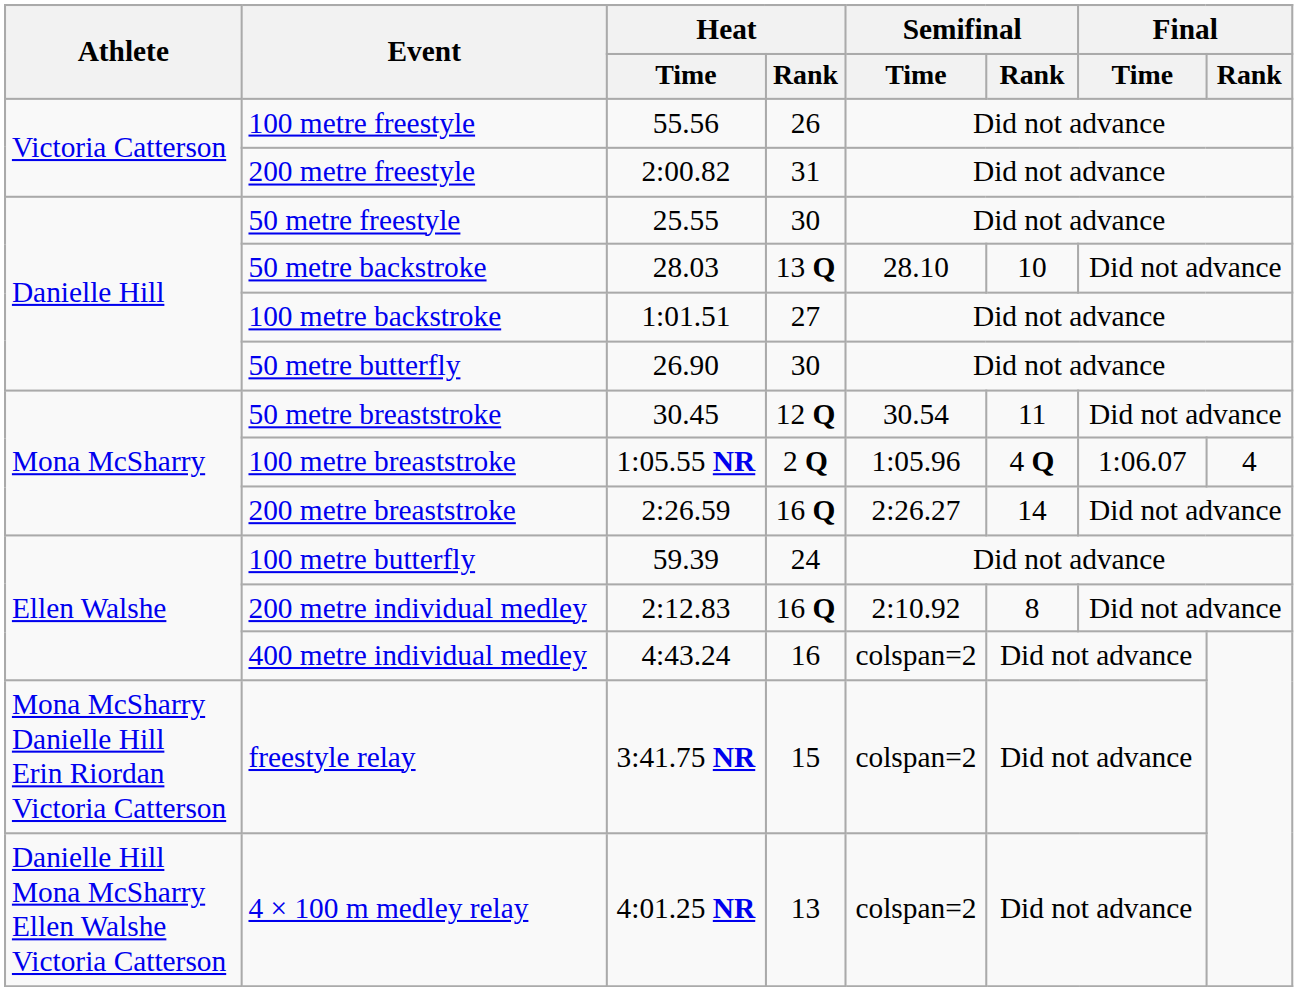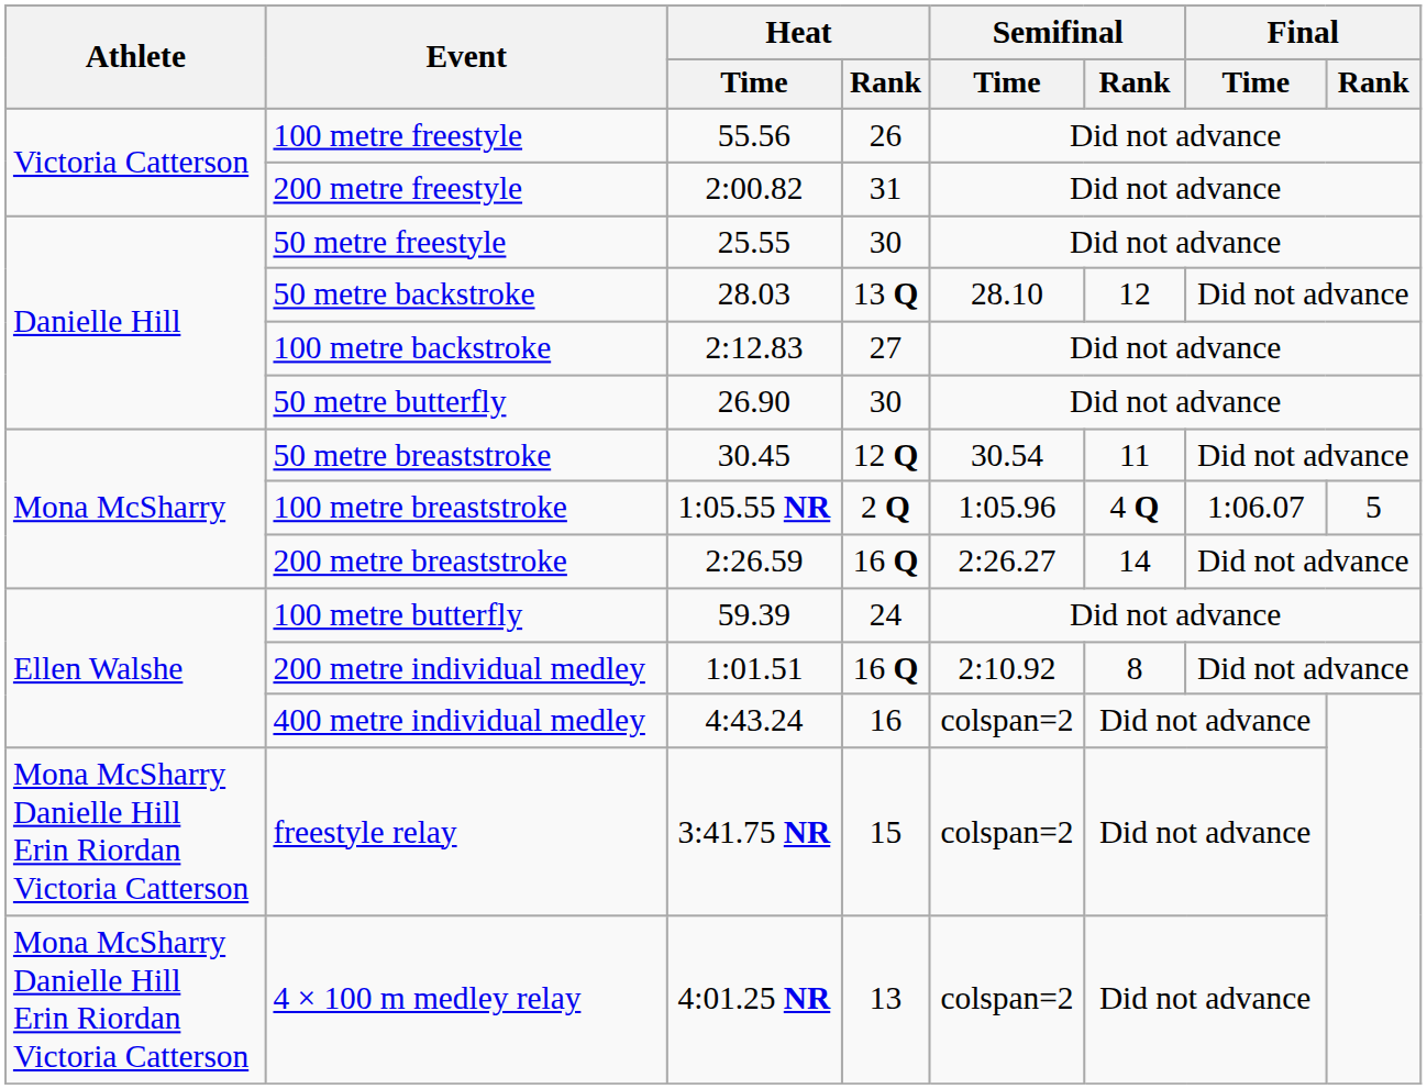 <table class="wikitable" style="text-align:center; font-size:90%; width:50%;">
 <tr>
 <th rowspan="2">Athlete</th>
 <th rowspan="2">Event</th>
 <th colspan="2">Heat</th>
 <th colspan="2">Semifinal</th>
 <th colspan="2">Final</th>
 </tr>
 <tr style="font-size:95%">
 <th>Time</th>
 <th>Rank</th>
 <th>Time</th>
 <th>Rank</th>
 <th>Time</th>
 <th>Rank</th>
 </tr>
 <tr>
 <td align=left rowspan=2><a href='#'>Victoria Catterson</a></td>
 <td align=left><a href='#'>100 metre freestyle</a></td>
 <td>55.56</td>
 <td>26</td>
 <td colspan=4>Did not advance</td>
 </tr>
 <tr>
 <td align=left><a href='#'>200 metre freestyle</a></td>
 <td>2:00.82</td>
 <td>31</td>
 <td colspan=4>Did not advance</td>
 </tr>
 <tr>
 <td align=left rowspan=4><a href='#'>Danielle Hill</a></td>
 <td align=left><a href='#'>50 metre freestyle</a></td>
 <td>25.55</td>
 <td>30</td>
 <td colspan=4>Did not advance</td>
 </tr>
 <tr>
 <td align=left><a href='#'>50 metre backstroke</a></td>
 <td>28.03</td>
 <td>13 <strong>Q</strong></td>
 <td>28.10</td>
-<td>10</td>
+<td>12</td>
 <td colspan=2>Did not advance</td>
 </tr>
 <tr>
 <td align=left><a href='#'>100 metre backstroke</a></td>
-<td>1:01.51</td>
+<td>2:12.83</td>
 <td>27</td>
 <td colspan=4>Did not advance</td>
 </tr>
 <tr>
 <td align=left><a href='#'>50 metre butterfly</a></td>
 <td>26.90</td>
 <td>30</td>
 <td colspan=4>Did not advance</td>
 </tr>
 <tr>
 <td align=left rowspan=3><a href='#'>Mona McSharry</a></td>
 <td align=left><a href='#'>50 metre breaststroke</a></td>
 <td>30.45</td>
 <td>12 <strong>Q</strong></td>
 <td>30.54</td>
 <td>11</td>
 <td colspan=2>Did not advance</td>
 </tr>
 <tr>
 <td align=left><a href='#'>100 metre breaststroke</a></td>
 <td>1:05.55 <strong><a href='#'>NR</a></strong></td>
 <td>2 <strong>Q</strong></td>
 <td>1:05.96</td>
 <td>4 <strong>Q</strong></td>
 <td>1:06.07</td>
-<td>4</td>
+<td>5</td>
 </tr>
 <tr>
 <td align=left><a href='#'>200 metre breaststroke</a></td>
 <td>2:26.59</td>
 <td>16 <strong>Q</strong></td>
 <td>2:26.27</td>
 <td>14</td>
 <td colspan=2>Did not advance</td>
 </tr>
 <tr>
 <td align=left rowspan=3><a href='#'>Ellen Walshe</a></td>
 <td align=left><a href='#'>100 metre butterfly</a></td>
 <td>59.39</td>
 <td>24</td>
 <td colspan=4>Did not advance</td>
 </tr>
 <tr>
 <td align=left><a href='#'>200 metre individual medley</a></td>
-<td>2:12.83</td>
+<td>1:01.51</td>
 <td>16 <strong>Q</strong></td>
 <td>2:10.92</td>
 <td>8</td>
 <td colspan=2>Did not advance</td>
 </tr>
 <tr>
 <td align=left><a href='#'>400 metre individual medley</a></td>
 <td>4:43.24</td>
 <td>16</td>
 <td>colspan=2 </td>
 <td colspan=2>Did not advance</td>
 </tr>
 <tr align=center>
 <td align=left><a href='#'>Mona McSharry</a> <br><a href='#'>Danielle Hill</a> <br><a href='#'>Erin Riordan</a> <br><a href='#'>Victoria Catterson</a></td>
 <td align=left><a href='#'> freestyle relay</a></td>
 <td>3:41.75 <strong><a href='#'>NR</a></strong></td>
 <td>15</td>
 <td>colspan=2 </td>
 <td colspan=2>Did not advance</td>
 </tr>
 <tr>
-<td align=left><a href='#'>Danielle Hill</a> <br><a href='#'>Mona McSharry</a><br><a href='#'>Ellen Walshe</a><br><a href='#'>Victoria Catterson</a></td>
+<td align=left><a href='#'>Mona McSharry</a> <br><a href='#'>Danielle Hill</a> <br><a href='#'>Erin Riordan</a> <br><a href='#'>Victoria Catterson</a></td>
 <td align=left><a href='#'>4 × 100 m medley relay</a></td>
 <td>4:01.25 <strong><a href='#'>NR</a></strong></td>
 <td>13</td>
 <td>colspan=2 </td>
 <td colspan=2>Did not advance</td>
 </tr>
 </table>
